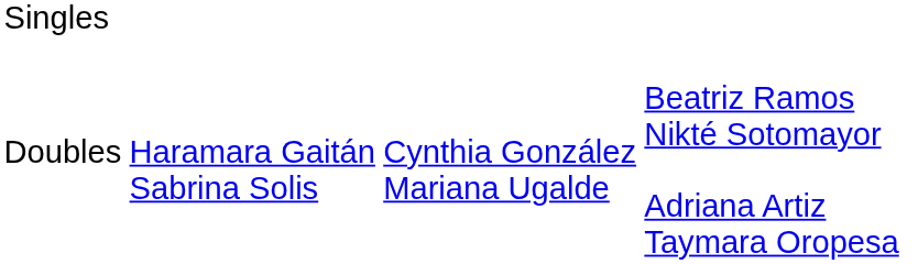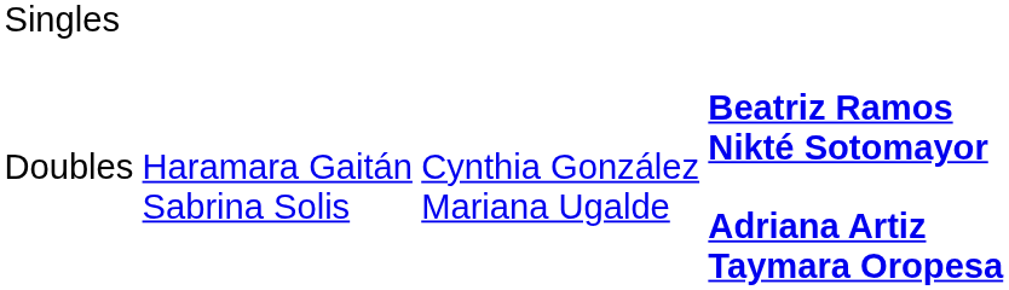 <table>
 <tr>
 <td>Singles</td>
 <td></td>
 <td></td>
 <td><br></td>
 </tr>
 <tr>
 <td>Doubles</td>
 <td><br><a href='#'>Haramara Gaitán</a><br><a href='#'>Sabrina Solis</a></td>
 <td><br><a href='#'>Cynthia González</a><br><a href='#'>Mariana Ugalde</a></td>
-<td><br><a href='#'>Beatriz Ramos</a><br><a href='#'>Nikté Sotomayor</a><br><br><a href='#'>Adriana Artiz</a><br><a href='#'>Taymara Oropesa</a></td>
+<td><strong><br><a href='#'>Beatriz Ramos</a><br><a href='#'>Nikté Sotomayor</a><br><br><a href='#'>Adriana Artiz</a><br><a href='#'>Taymara Oropesa</a></strong></td>
 </tr>
 <tr>
 </tr>
 </table>
